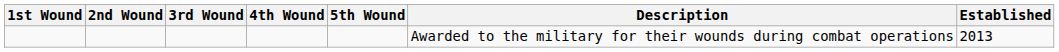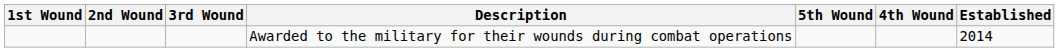 <table class="wikitable">
 <tr>
 <th><big>1st Wound</big></th>
 <th><big>2nd Wound</big></th>
 <th><big>3rd Wound</big></th>
+<th><big>Description</big></th>
+<th><big>5th Wound</big></th>
 <th><big>4th Wound</big></th>
-<th><big>5th Wound</big></th>
-<th><big>Description</big></th>
 <th><big>Established</big></th>
 </tr>
 <tr>
 <td><big></big></td>
 <td><big></big></td>
 <td><big></big></td>
+<td><big>Awarded to the military for their wounds during combat operations</big></td>
 <td><big></big></td>
 <td><big></big></td>
-<td><big>Awarded to the military for their wounds during combat operations</big></td>
-<td><big>2013</big></td>
+<td><big>2014</big></td>
 </tr>
 </table>
